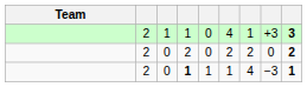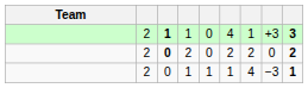 <table class="wikitable" style="text-align:center">
 <tr>
 <th width=165>Team</th>
 <th width=20></th>
 <th width=20></th>
 <th width=20></th>
 <th width=20></th>
 <th width=20></th>
 <th width=20></th>
 <th width=20></th>
 <th width=20></th>
 </tr>
 <tr bgcolor=ccffcc>
 <td align=left></td>
 <td>2</td>
-<td>1</td>
+<td><strong>1</strong></td>
 <td>1</td>
 <td>0</td>
 <td>4</td>
 <td>1</td>
 <td>+3</td>
 <td><strong>3</strong></td>
 </tr>
 <tr>
 <td align=left></td>
 <td>2</td>
-<td>0</td>
+<td><strong>0</strong></td>
 <td>2</td>
 <td>0</td>
 <td>2</td>
 <td>2</td>
 <td>0</td>
 <td><strong>2</strong></td>
 </tr>
 <tr>
 <td align=left></td>
 <td>2</td>
 <td>0</td>
-<td><strong>1</strong></td>
+<td>1</td>
 <td>1</td>
 <td>1</td>
 <td>4</td>
 <td>−3</td>
 <td><strong>1</strong></td>
 </tr>
 </table>
